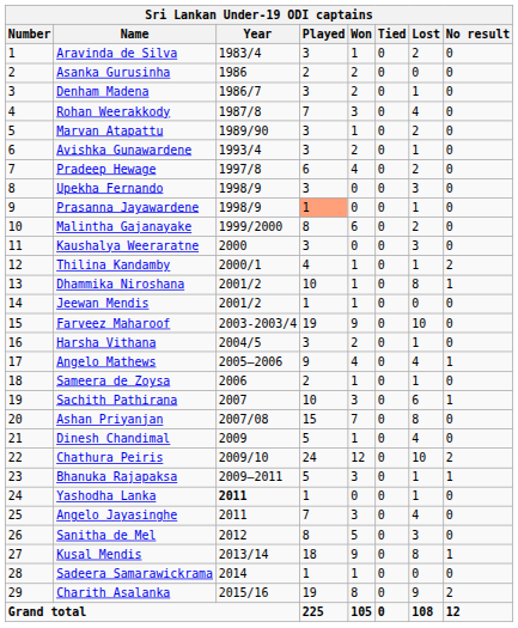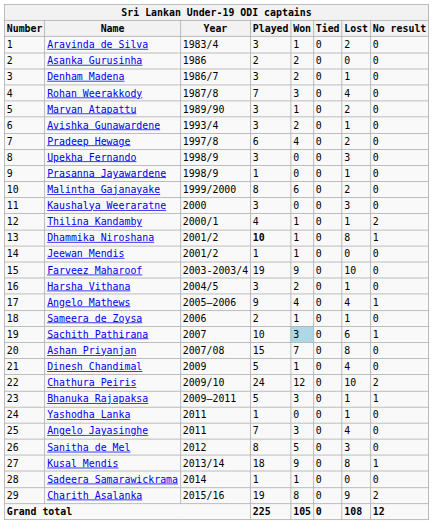 <table class="wikitable">
 <tr>
 <th bgcolor="#efefef" colspan=8>Sri Lankan Under-19 ODI captains</th>
 </tr>
 <tr bgcolor="#efefef">
 <th>Number</th>
 <th>Name</th>
 <th>Year</th>
 <th>Played</th>
 <th>Won</th>
 <th>Tied</th>
 <th>Lost</th>
 <th>No result</th>
 </tr>
 <tr>
 <td>1</td>
 <td><a href='#'>Aravinda de Silva</a></td>
 <td>1983/4</td>
 <td>3</td>
 <td>1</td>
 <td>0</td>
 <td>2</td>
 <td>0</td>
 </tr>
 <tr>
 <td>2</td>
 <td><a href='#'>Asanka Gurusinha</a></td>
 <td>1986</td>
 <td>2</td>
 <td>2</td>
 <td>0</td>
 <td>0</td>
 <td>0</td>
 </tr>
 <tr>
 <td>3</td>
 <td><a href='#'>Denham Madena</a></td>
 <td>1986/7</td>
 <td>3</td>
 <td>2</td>
 <td>0</td>
 <td>1</td>
 <td>0</td>
 </tr>
 <tr>
 <td>4</td>
 <td><a href='#'>Rohan Weerakkody</a></td>
 <td>1987/8</td>
 <td>7</td>
 <td>3</td>
 <td>0</td>
 <td>4</td>
 <td>0</td>
 </tr>
 <tr>
 <td>5</td>
 <td><a href='#'>Marvan Atapattu</a></td>
 <td>1989/90</td>
 <td>3</td>
 <td>1</td>
 <td>0</td>
 <td>2</td>
 <td>0</td>
 </tr>
 <tr>
 <td>6</td>
 <td><a href='#'>Avishka Gunawardene</a></td>
 <td>1993/4</td>
 <td>3</td>
 <td>2</td>
 <td>0</td>
 <td>1</td>
 <td>0</td>
 </tr>
 <tr>
 <td>7</td>
 <td><a href='#'>Pradeep Hewage</a></td>
 <td>1997/8</td>
 <td>6</td>
 <td>4</td>
 <td>0</td>
 <td>2</td>
 <td>0</td>
 </tr>
 <tr>
 <td>8</td>
 <td><a href='#'>Upekha Fernando</a></td>
 <td>1998/9</td>
 <td>3</td>
 <td>0</td>
 <td>0</td>
 <td>3</td>
 <td>0</td>
 </tr>
 <tr>
 <td>9</td>
 <td><a href='#'>Prasanna Jayawardene</a></td>
 <td>1998/9</td>
-<td style="background: lightsalmon;">1</td>
+<td>1</td>
 <td>0</td>
 <td>0</td>
 <td>1</td>
 <td>0</td>
 </tr>
 <tr>
 <td>10</td>
 <td><a href='#'>Malintha Gajanayake</a></td>
 <td>1999/2000</td>
 <td>8</td>
 <td>6</td>
 <td>0</td>
 <td>2</td>
 <td>0</td>
 </tr>
 <tr>
 <td>11</td>
 <td><a href='#'>Kaushalya Weeraratne</a></td>
 <td>2000</td>
 <td>3</td>
 <td>0</td>
 <td>0</td>
 <td>3</td>
 <td>0</td>
 </tr>
 <tr>
 <td>12</td>
 <td><a href='#'>Thilina Kandamby</a></td>
 <td>2000/1</td>
 <td>4</td>
 <td>1</td>
 <td>0</td>
 <td>1</td>
 <td>2</td>
 </tr>
 <tr>
 <td>13</td>
 <td><a href='#'>Dhammika Niroshana</a></td>
 <td>2001/2</td>
-<td>10</td>
+<td><strong>10</strong></td>
 <td>1</td>
 <td>0</td>
 <td>8</td>
 <td>1</td>
 </tr>
 <tr>
 <td>14</td>
 <td><a href='#'>Jeewan Mendis</a></td>
 <td>2001/2</td>
 <td>1</td>
 <td>1</td>
 <td>0</td>
 <td>0</td>
 <td>0</td>
 </tr>
 <tr>
 <td>15</td>
 <td><a href='#'>Farveez Maharoof</a></td>
 <td>2003-2003/4</td>
 <td>19</td>
 <td>9</td>
 <td>0</td>
 <td>10</td>
 <td>0</td>
 </tr>
 <tr>
 <td>16</td>
 <td><a href='#'>Harsha Vithana</a></td>
 <td>2004/5</td>
 <td>3</td>
 <td>2</td>
 <td>0</td>
 <td>1</td>
 <td>0</td>
 </tr>
 <tr>
 <td>17</td>
 <td><a href='#'>Angelo Mathews</a></td>
 <td>2005–2006</td>
 <td>9</td>
 <td>4</td>
 <td>0</td>
 <td>4</td>
 <td>1</td>
 </tr>
 <tr>
 <td>18</td>
 <td><a href='#'>Sameera de Zoysa</a></td>
 <td>2006</td>
 <td>2</td>
 <td>1</td>
 <td>0</td>
 <td>1</td>
 <td>0</td>
 </tr>
 <tr>
 <td>19</td>
 <td><a href='#'>Sachith Pathirana</a></td>
 <td>2007</td>
 <td>10</td>
-<td>3</td>
+<td style="background: lightblue;">3</td>
 <td>0</td>
 <td>6</td>
 <td>1</td>
 </tr>
 <tr>
 <td>20</td>
 <td><a href='#'>Ashan Priyanjan</a></td>
 <td>2007/08</td>
 <td>15</td>
 <td>7</td>
 <td>0</td>
 <td>8</td>
 <td>0</td>
 </tr>
 <tr>
 <td>21</td>
 <td><a href='#'>Dinesh Chandimal</a></td>
 <td>2009</td>
 <td>5</td>
 <td>1</td>
 <td>0</td>
 <td>4</td>
 <td>0</td>
 </tr>
 <tr>
 <td>22</td>
 <td><a href='#'>Chathura Peiris</a></td>
 <td>2009/10</td>
 <td>24</td>
 <td>12</td>
 <td>0</td>
 <td>10</td>
 <td>2</td>
 </tr>
 <tr>
 <td>23</td>
 <td><a href='#'>Bhanuka Rajapaksa</a></td>
 <td>2009–2011</td>
 <td>5</td>
 <td>3</td>
 <td>0</td>
 <td>1</td>
 <td>1</td>
 </tr>
 <tr>
 <td>24</td>
 <td><a href='#'>Yashodha Lanka</a></td>
-<td><strong>2011</strong></td>
+<td>2011</td>
 <td>1</td>
 <td>0</td>
 <td>0</td>
 <td>1</td>
 <td>0</td>
 </tr>
 <tr>
 <td>25</td>
 <td><a href='#'>Angelo Jayasinghe</a></td>
 <td>2011</td>
 <td>7</td>
 <td>3</td>
 <td>0</td>
 <td>4</td>
 <td>0</td>
 </tr>
 <tr>
 <td>26</td>
 <td><a href='#'>Sanitha de Mel</a></td>
 <td>2012</td>
 <td>8</td>
 <td>5</td>
 <td>0</td>
 <td>3</td>
 <td>0</td>
 </tr>
 <tr>
 <td>27</td>
 <td><a href='#'>Kusal Mendis</a></td>
 <td>2013/14</td>
 <td>18</td>
 <td>9</td>
 <td>0</td>
 <td>8</td>
 <td>1</td>
 </tr>
 <tr>
 <td>28</td>
 <td><a href='#'>Sadeera Samarawickrama</a></td>
 <td>2014</td>
 <td>1</td>
 <td>1</td>
 <td>0</td>
 <td>0</td>
 <td>0</td>
 </tr>
 <tr>
 <td>29</td>
 <td><a href='#'>Charith Asalanka</a></td>
 <td>2015/16</td>
 <td>19</td>
 <td>8</td>
 <td>0</td>
 <td>9</td>
 <td>2</td>
 </tr>
 <tr>
 <td colspan=3><strong>Grand total</strong></td>
 <td><strong>225</strong></td>
 <td><strong>105</strong></td>
 <td><strong>0</strong></td>
 <td><strong>108</strong></td>
 <td><strong>12</strong></td>
 </tr>
 </table>
